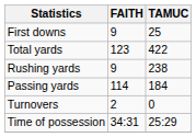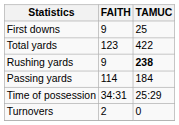 <table class="wikitable" style="float: left;">
 <tr>
 <th>Statistics</th>
 <th>FAITH</th>
 <th>TAMUC</th>
 </tr>
 <tr>
 <td>First downs</td>
 <td>9</td>
 <td>25</td>
 </tr>
 <tr>
 <td>Total yards</td>
 <td>123</td>
 <td>422</td>
 </tr>
 <tr>
 <td>Rushing yards</td>
 <td>9</td>
-<td>238</td>
+<td><strong>238</strong></td>
 </tr>
 <tr>
 <td>Passing yards</td>
 <td>114</td>
 <td>184</td>
 </tr>
 <tr>
+<td>Time of possession</td>
+<td>34:31</td>
+<td>25:29</td>
+</tr>
+<tr>
 <td>Turnovers</td>
 <td>2</td>
 <td>0</td>
 </tr>
 <tr>
-<td>Time of possession</td>
-<td>34:31</td>
-<td>25:29</td>
-</tr>
-<tr>
 </tr>
 </table>
